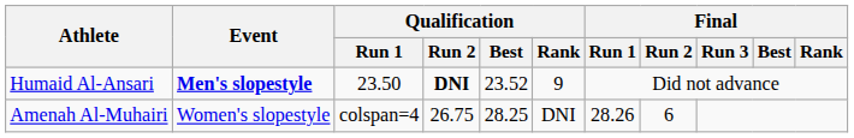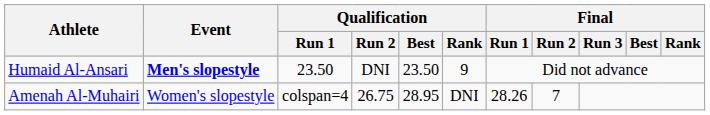 <table class=wikitable style=font-size:90%;text-align:center>
 <tr>
 <th rowspan=2>Athlete</th>
 <th rowspan=2>Event</th>
 <th colspan=4>Qualification</th>
 <th colspan=5>Final</th>
 </tr>
 <tr style=font-size:95%>
 <th>Run 1</th>
 <th>Run 2</th>
 <th>Best</th>
 <th>Rank</th>
 <th>Run 1</th>
 <th>Run 2</th>
 <th>Run 3</th>
 <th>Best</th>
 <th>Rank</th>
 </tr>
 <tr>
 <td align=left><a href='#'>Humaid Al-Ansari</a></td>
 <td align=left><strong><a href='#'>Men's slopestyle</a></strong></td>
 <td>23.50</td>
-<td><strong>DNI</strong></td>
-<td>23.52</td>
+<td>DNI</td>
+<td>23.50</td>
 <td>9</td>
 <td colspan=5>Did not advance</td>
 </tr>
 <tr>
 <td align=left><a href='#'>Amenah Al-Muhairi</a></td>
 <td align=left><a href='#'>Women's slopestyle</a></td>
 <td>colspan=4 </td>
 <td>26.75</td>
-<td>28.25</td>
+<td>28.95</td>
 <td>DNI</td>
 <td>28.26</td>
-<td>6</td>
+<td>7</td>
 </tr>
 </table>
